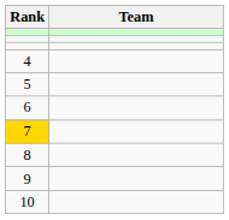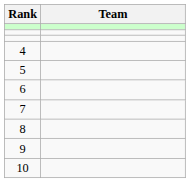 <table class="wikitable" style="text-align: center;">
 <tr>
 <th width=40>Rank</th>
 <th width=180>Team</th>
 </tr>
 <tr bgcolor=#ccffcc>
 <td></td>
 <td style="text-align:left;"></td>
 </tr>
 <tr>
 <td></td>
 <td style="text-align:left;"></td>
 </tr>
 <tr>
 <td></td>
 <td style="text-align:left;"></td>
 </tr>
 <tr>
 <td>4</td>
 <td style="text-align:left;"></td>
 </tr>
 <tr>
 <td>5</td>
 <td style="text-align:left;"></td>
 </tr>
 <tr>
 <td>6</td>
 <td style="text-align:left;"></td>
 </tr>
 <tr>
-<td style="background: gold;">7</td>
+<td>7</td>
 <td style="text-align:left;"></td>
 </tr>
 <tr>
 <td>8</td>
 <td style="text-align:left;"></td>
 </tr>
 <tr>
 <td>9</td>
 <td style="text-align:left;"></td>
 </tr>
 <tr>
 <td>10</td>
 <td style="text-align:left;"></td>
 </tr>
 </table>
